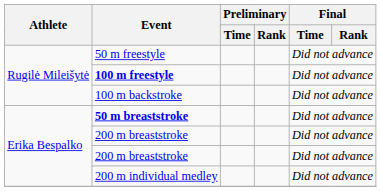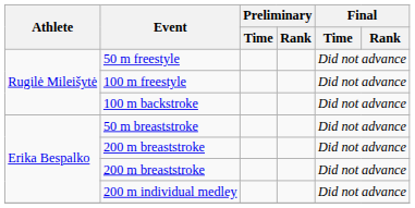 <table class=wikitable style="font-size:90%">
 <tr>
 <th rowspan="2">Athlete</th>
 <th rowspan="2">Event</th>
 <th colspan="2">Preliminary</th>
 <th colspan="2">Final</th>
 </tr>
 <tr>
 <th>Time</th>
 <th>Rank</th>
 <th>Time</th>
 <th>Rank</th>
 </tr>
 <tr>
 <td rowspan="3"><a href='#'>Rugilė Mileišytė</a></td>
 <td><a href='#'>50 m freestyle</a></td>
 <td></td>
 <td></td>
 <td colspan="2"><em>Did not advance</em></td>
 </tr>
 <tr>
-<td><strong><a href='#'>100 m freestyle</a></strong></td>
+<td><a href='#'>100 m freestyle</a></td>
 <td></td>
 <td></td>
 <td colspan="2"><em>Did not advance</em></td>
 </tr>
 <tr>
 <td><a href='#'>100 m backstroke</a></td>
 <td></td>
 <td></td>
 <td colspan="2"><em>Did not advance</em></td>
 </tr>
 <tr>
 <td rowspan="4"><a href='#'>Erika Bespalko</a></td>
-<td><strong><a href='#'>50 m breaststroke</a></strong></td>
+<td><a href='#'>50 m breaststroke</a></td>
 <td></td>
 <td></td>
 <td colspan="2"><em>Did not advance</em></td>
 </tr>
 <tr>
 <td><a href='#'>200 m breaststroke</a></td>
 <td></td>
 <td></td>
 <td colspan="2"><em>Did not advance</em></td>
 </tr>
 <tr>
 <td><a href='#'>200 m breaststroke</a></td>
 <td></td>
 <td></td>
 <td colspan="2"><em>Did not advance</em></td>
 </tr>
 <tr>
 <td><a href='#'>200 m individual medley</a></td>
 <td></td>
 <td></td>
 <td colspan="2"><em>Did not advance</em></td>
 </tr>
 <tr>
 </tr>
 </table>
